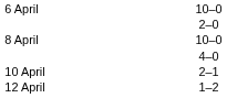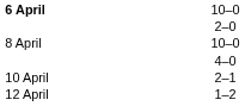 <table cellspacing=1 width=70%>
 <tr>
 <th width=25%></th>
 <th width=30%></th>
 <th width=15%></th>
 <th width=30%></th>
 </tr>
 <tr>
-<td>6 April</td>
+<td><strong>6 April</strong></td>
 <td align=right></td>
 <td align=center>10–0</td>
 <td></td>
 </tr>
 <tr>
 <td></td>
 <td align=right></td>
 <td align=center>2–0</td>
 <td></td>
 </tr>
 <tr>
 <td>8 April</td>
 <td align=right></td>
 <td align=center>10–0</td>
 <td></td>
 </tr>
 <tr>
 <td></td>
 <td align=right></td>
 <td align=center>4–0</td>
 <td></td>
 </tr>
 <tr>
 <td>10 April</td>
 <td align=right></td>
 <td align=center>2–1</td>
 <td></td>
 </tr>
 <tr>
 <td>12 April</td>
 <td align=right></td>
 <td align=center>1–2</td>
 <td></td>
 </tr>
 </table>
